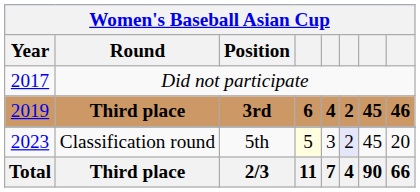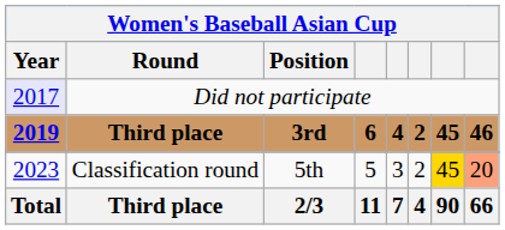 <table class="wikitable" style="text-align: center;">
 <tr bgcolor=#9acdff>
 <th colspan=9><a href='#'>Women's Baseball Asian Cup</a></th>
 </tr>
 <tr>
 <th>Year</th>
 <th>Round</th>
 <th>Position</th>
 <th></th>
 <th></th>
 <th></th>
 <th></th>
 <th></th>
 </tr>
 <tr>
-<td> <a href='#'>2017</a></td>
+<td style="background: lavender;"> <a href='#'>2017</a></td>
 <td colspan=7><em>Did not participate</em></td>
 </tr>
 <tr bgcolor=#cc9966>
-<td> <a href='#'>2019</a></td>
+<td><strong> <a href='#'>2019</a></strong></td>
 <td><strong>Third place</strong></td>
 <td><strong>3rd</strong></td>
 <td><strong>6</strong></td>
 <td><strong>4</strong></td>
 <td><strong>2</strong></td>
 <td><strong>45</strong></td>
 <td><strong>46</strong></td>
 </tr>
 <tr>
 </tr>
 <tr>
 <td> <a href='#'>2023</a></td>
 <td>Classification round</td>
 <td>5th</td>
-<td style="background: lightyellow;">5</td>
+<td>5</td>
 <td>3</td>
-<td style="background: lavender;">2</td>
-<td>45</td>
-<td>20</td>
+<td>2</td>
+<td style="background: gold;">45</td>
+<td style="background: lightsalmon;">20</td>
 </tr>
 <tr>
 <th>Total</th>
 <th><strong>Third place</strong></th>
 <th><strong>2/3</strong></th>
 <th><strong>11</strong></th>
 <th><strong>7</strong></th>
 <th><strong>4</strong></th>
 <th><strong>90</strong></th>
 <th><strong>66</strong></th>
 </tr>
 </table>
